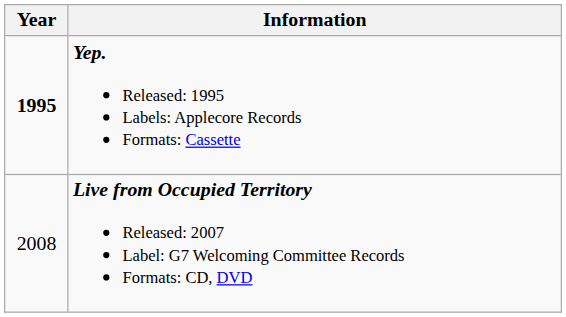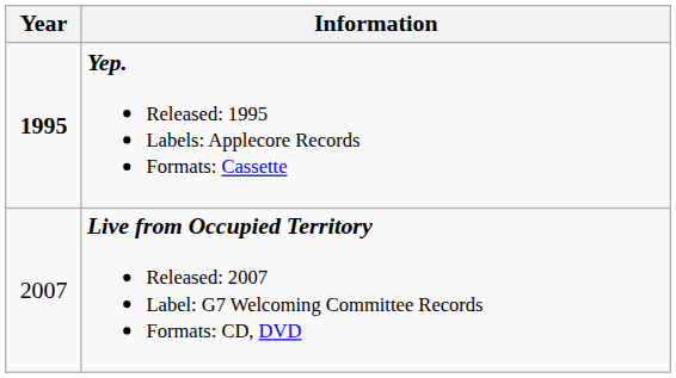 <table class="wikitable">
 <tr>
 <th rowspan="1" width="44">Year</th>
 <th rowspan="1" width="390">Information</th>
 </tr>
 <tr>
 <td align=center width="44"><strong>1995</strong></td>
 <td width="390"><strong><em>Yep.</em></strong><br><ul><li><small>Released: 1995</small></li><li><small>Labels: Applecore Records</small></li><li><small>Formats: <a href='#'>Cassette</a></small></li></ul></td>
 </tr>
 <tr>
-<td align=center width="44">2008</td>
+<td align=center width="44">2007</td>
 <td width="390"><strong><em>Live from Occupied Territory</em></strong><br><ul><li><small>Released: 2007</small></li><li><small>Label: G7 Welcoming Committee Records</small></li><li><small>Formats: CD, <a href='#'>DVD</a></small></li></ul></td>
 </tr>
 </table>
